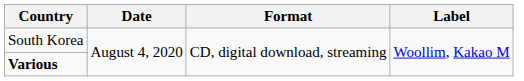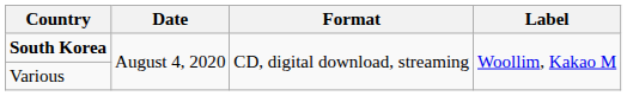 <table class="wikitable">
 <tr>
 <th>Country</th>
 <th>Date</th>
 <th>Format</th>
 <th>Label</th>
 </tr>
 <tr>
-<td>South Korea</td>
+<td><strong>South Korea</strong></td>
 <td rowspan="2">August 4, 2020</td>
 <td rowspan="2">CD, digital download, streaming</td>
 <td rowspan="2"><a href='#'>Woollim</a>, <a href='#'>Kakao M</a></td>
 </tr>
 <tr>
-<td><strong>Various</strong></td>
+<td>Various</td>
 </tr>
 </table>
